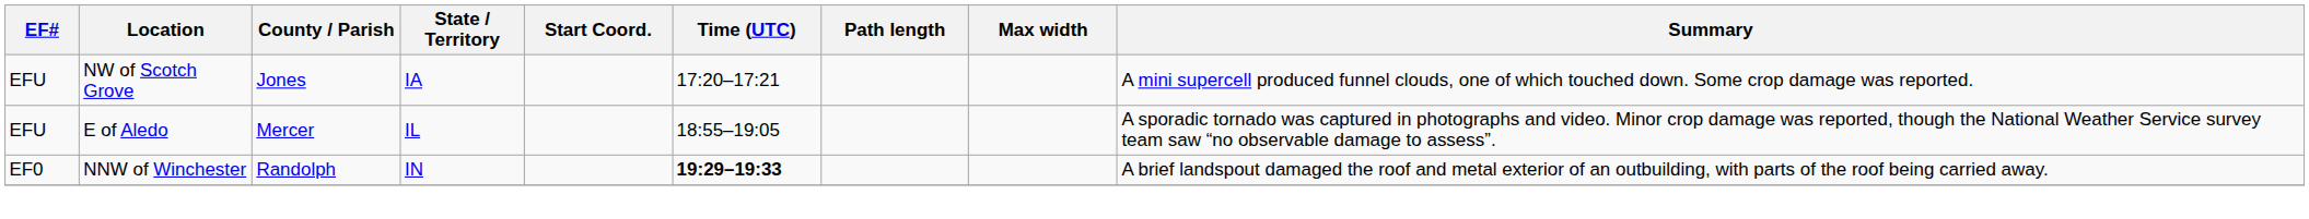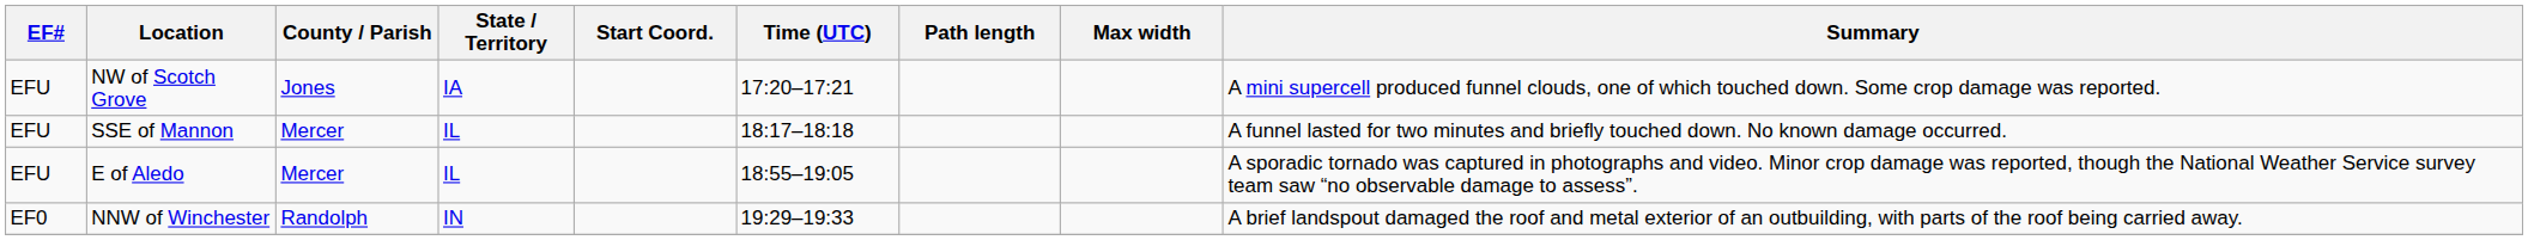 <table class="wikitable sortable" style="width:100%;">
 <tr>
 <th scope="col"  style="width:3%; text-align:center;"><a href='#'>EF#</a></th>
 <th scope="col"  style="width:7%; text-align:center;" class="unsortable">Location</th>
 <th scope="col"  style="width:6%; text-align:center;" class="unsortable">County / Parish</th>
 <th scope="col"  style="width:5%; text-align:center;">State / Territory</th>
 <th scope="col"  style="width:6%; text-align:center;">Start Coord.</th>
 <th scope="col"  style="width:6%; text-align:center;">Time (<a href='#'>UTC</a>)</th>
 <th scope="col"  style="width:6%; text-align:center;">Path length</th>
 <th scope="col"  style="width:6%; text-align:center;">Max width</th>
 <th scope="col" class="unsortable" style="width:48%; text-align:center;">Summary</th>
 </tr>
 <tr>
 <td>EFU</td>
 <td>NW of <a href='#'>Scotch Grove</a></td>
 <td><a href='#'>Jones</a></td>
 <td><a href='#'>IA</a></td>
 <td></td>
 <td>17:20–17:21</td>
 <td></td>
 <td></td>
 <td>A <a href='#'>mini supercell</a> produced funnel clouds, one of which touched down. Some crop damage was reported.</td>
 </tr>
 <tr>
 <td>EFU</td>
+<td>SSE of <a href='#'>Mannon</a></td>
+<td><a href='#'>Mercer</a></td>
+<td><a href='#'>IL</a></td>
+<td></td>
+<td>18:17–18:18</td>
+<td></td>
+<td></td>
+<td>A funnel lasted for two minutes and briefly touched down. No known damage occurred.</td>
+</tr>
+<tr>
+<td>EFU</td>
 <td>E of <a href='#'>Aledo</a></td>
 <td><a href='#'>Mercer</a></td>
 <td><a href='#'>IL</a></td>
 <td></td>
 <td>18:55–19:05</td>
 <td></td>
 <td></td>
 <td>A sporadic tornado was captured in photographs and video. Minor crop damage was reported, though the National Weather Service survey team saw “no observable damage to assess”.</td>
 </tr>
 <tr>
 <td>EF0</td>
 <td>NNW of <a href='#'>Winchester</a></td>
 <td><a href='#'>Randolph</a></td>
 <td><a href='#'>IN</a></td>
 <td></td>
-<td><strong>19:29–19:33</strong></td>
+<td>19:29–19:33</td>
 <td></td>
 <td></td>
 <td>A brief landspout damaged the roof and metal exterior of an outbuilding, with parts of the roof being carried away.</td>
 </tr>
 <tr>
 </tr>
 </table>
